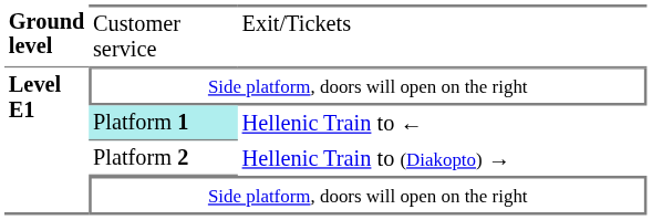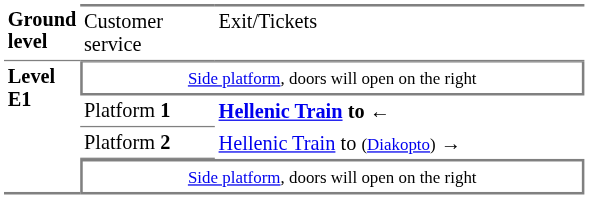 <table table border=0 cellspacing=0 cellpadding=3>
 <tr>
 <td style="border-bottom:solid 1px gray;" width=50 valign=top><strong>Ground level</strong></td>
 <td style="border-top:solid 2px gray;border-bottom:solid 1px gray;" width=100 valign=top>Customer service</td>
 <td style="border-top:solid 2px gray;border-bottom:solid 1px gray;" width=285 valign=top>Exit/Tickets</td>
 </tr>
 <tr>
 <td style="border-bottom:solid 2px gray;" rowspan=5 valign=top><strong>Level<br>Ε1</strong></td>
 <td style="border-top:solid 1px gray;border-right:solid 2px gray;border-left:solid 2px gray;border-bottom:solid 2px gray;text-align:center;" colspan=2><small><a href='#'>Side platform</a>, doors will open on the right</small></td>
 </tr>
 <tr>
-<td style="background: paleturquoise; border-bottom:solid 1px gray;">Platform <strong>1</strong></td>
-<td><a href='#'>Hellenic Train</a> to  ←</td>
+<td style="border-bottom:solid 1px gray;">Platform <strong>1</strong></td>
+<td><strong><a href='#'>Hellenic Train</a> to  ←</strong></td>
 </tr>
 <tr>
 <td style="border-bottom:solid 1px gray;">Platform <strong>2</strong></td>
 <td><a href='#'>Hellenic Train</a> to  <small>(<a href='#'>Diakopto</a>)</small> →</td>
 </tr>
 <tr>
 <td style="border-top:solid 2px gray;border-right:solid 2px gray;border-left:solid 2px gray;border-bottom:solid 2px gray;text-align:center;" colspan=2><small><a href='#'>Side platform</a>, doors will open on the right</small></td>
 </tr>
 </table>
